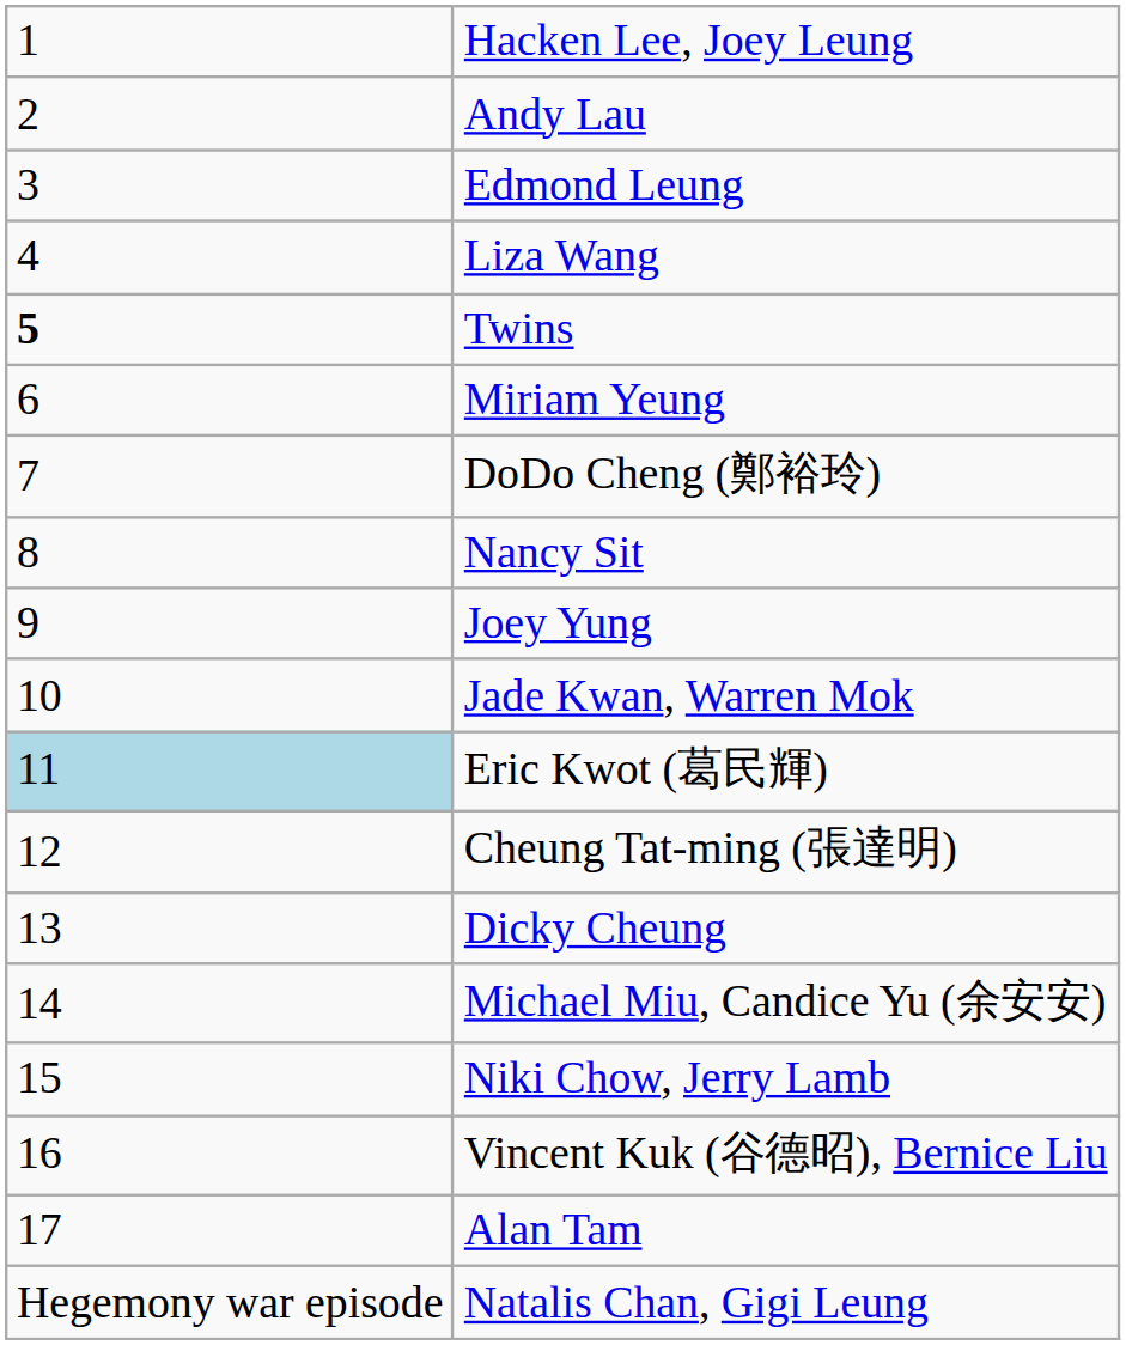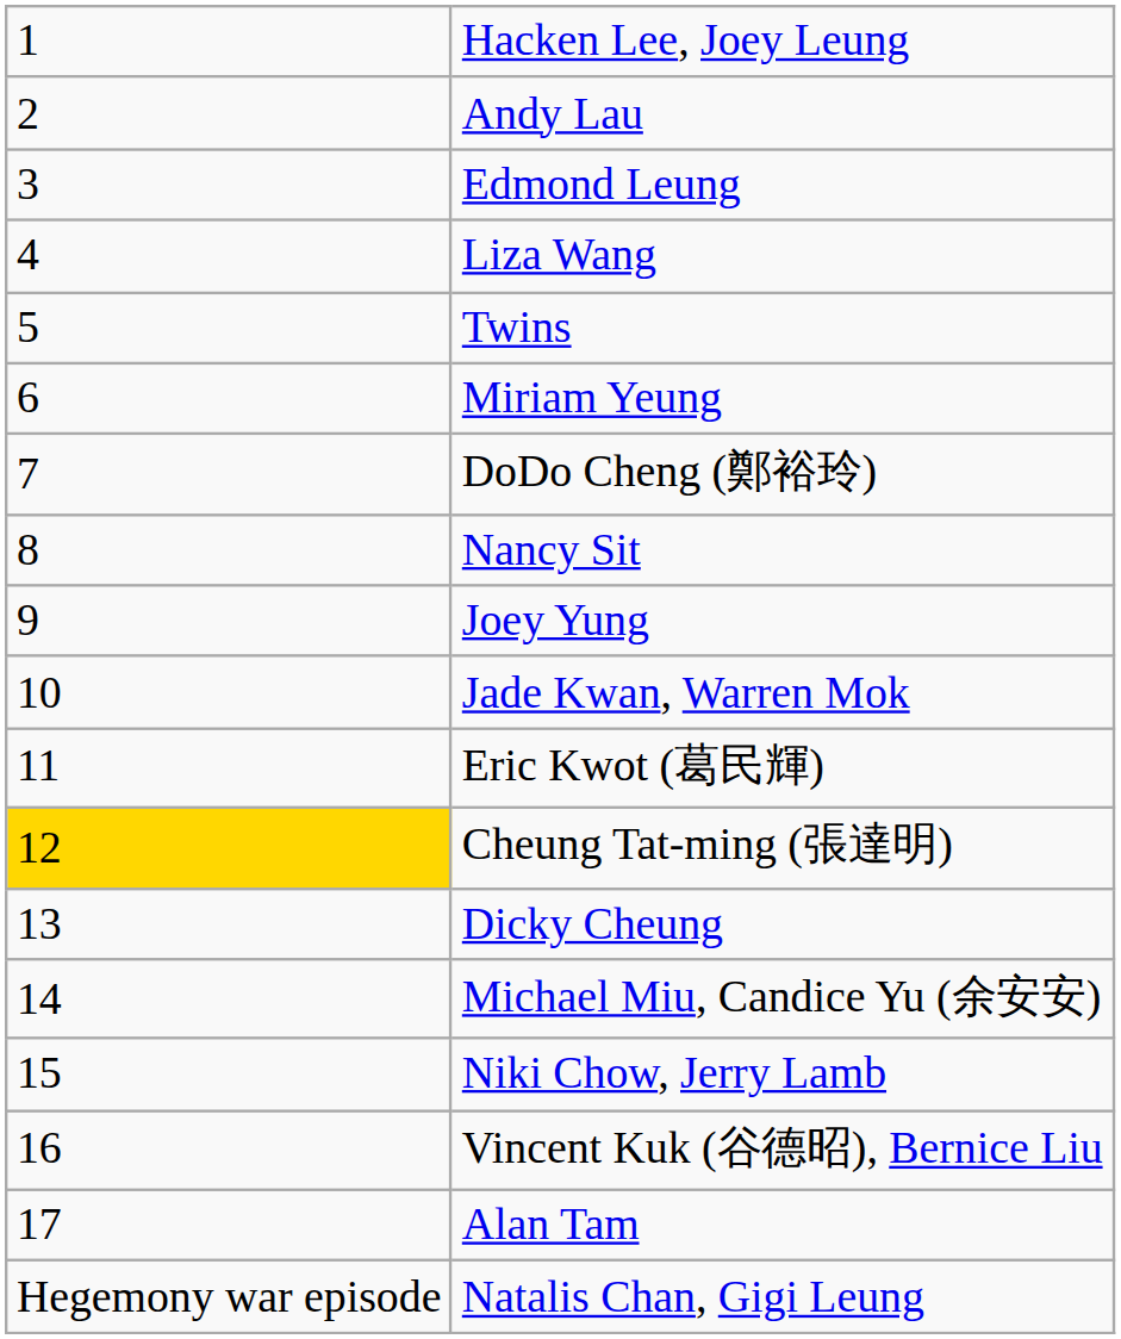 <table class="wikitable">
 <tr>
 <td>1</td>
 <td><a href='#'>Hacken Lee</a>, <a href='#'>Joey Leung</a></td>
 </tr>
 <tr>
 <td>2</td>
 <td><a href='#'>Andy Lau</a></td>
 </tr>
 <tr>
 <td>3</td>
 <td><a href='#'>Edmond Leung</a></td>
 </tr>
 <tr>
 <td>4</td>
 <td><a href='#'>Liza Wang</a></td>
 </tr>
 <tr>
-<td><strong>5</strong></td>
+<td>5</td>
 <td><a href='#'>Twins</a></td>
 </tr>
 <tr>
 <td>6</td>
 <td><a href='#'>Miriam Yeung</a></td>
 </tr>
 <tr>
 <td>7</td>
 <td>DoDo Cheng (鄭裕玲)</td>
 </tr>
 <tr>
 <td>8</td>
 <td><a href='#'>Nancy Sit</a></td>
 </tr>
 <tr>
 <td>9</td>
 <td><a href='#'>Joey Yung</a></td>
 </tr>
 <tr>
 <td>10</td>
 <td><a href='#'>Jade Kwan</a>, <a href='#'>Warren Mok</a></td>
 </tr>
 <tr>
-<td style="background: lightblue;">11</td>
+<td>11</td>
 <td>Eric Kwot (葛民輝)</td>
 </tr>
 <tr>
-<td>12</td>
+<td style="background: gold;">12</td>
 <td>Cheung Tat-ming (張達明)</td>
 </tr>
 <tr>
 <td>13</td>
 <td><a href='#'>Dicky Cheung</a></td>
 </tr>
 <tr>
 <td>14</td>
 <td><a href='#'>Michael Miu</a>, Candice Yu (余安安)</td>
 </tr>
 <tr>
 <td>15</td>
 <td><a href='#'>Niki Chow</a>, <a href='#'>Jerry Lamb</a></td>
 </tr>
 <tr>
 <td>16</td>
 <td>Vincent Kuk (谷德昭), <a href='#'>Bernice Liu</a></td>
 </tr>
 <tr>
 <td>17</td>
 <td><a href='#'>Alan Tam</a></td>
 </tr>
 <tr>
 <td>Hegemony war episode</td>
 <td><a href='#'>Natalis Chan</a>, <a href='#'>Gigi Leung</a></td>
 </tr>
 <tr>
 </tr>
 </table>
